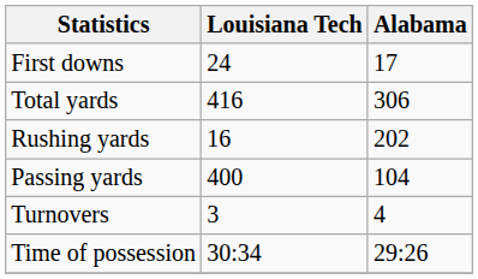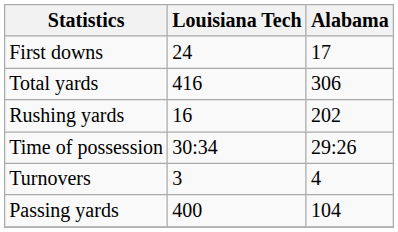 <table class="wikitable" style="float: left;">
 <tr>
 <th>Statistics</th>
 <th>Louisiana Tech</th>
 <th>Alabama</th>
 </tr>
 <tr>
 <td>First downs</td>
 <td>24</td>
 <td>17</td>
 </tr>
 <tr>
 <td>Total yards</td>
 <td>416</td>
 <td>306</td>
 </tr>
 <tr>
 <td>Rushing yards</td>
 <td>16</td>
 <td>202</td>
 </tr>
 <tr>
-<td>Passing yards</td>
-<td>400</td>
-<td>104</td>
+<td>Time of possession</td>
+<td>30:34</td>
+<td>29:26</td>
 </tr>
 <tr>
 <td>Turnovers</td>
 <td>3</td>
 <td>4</td>
 </tr>
 <tr>
-<td>Time of possession</td>
-<td>30:34</td>
-<td>29:26</td>
+<td>Passing yards</td>
+<td>400</td>
+<td>104</td>
 </tr>
 <tr>
 </tr>
 </table>
